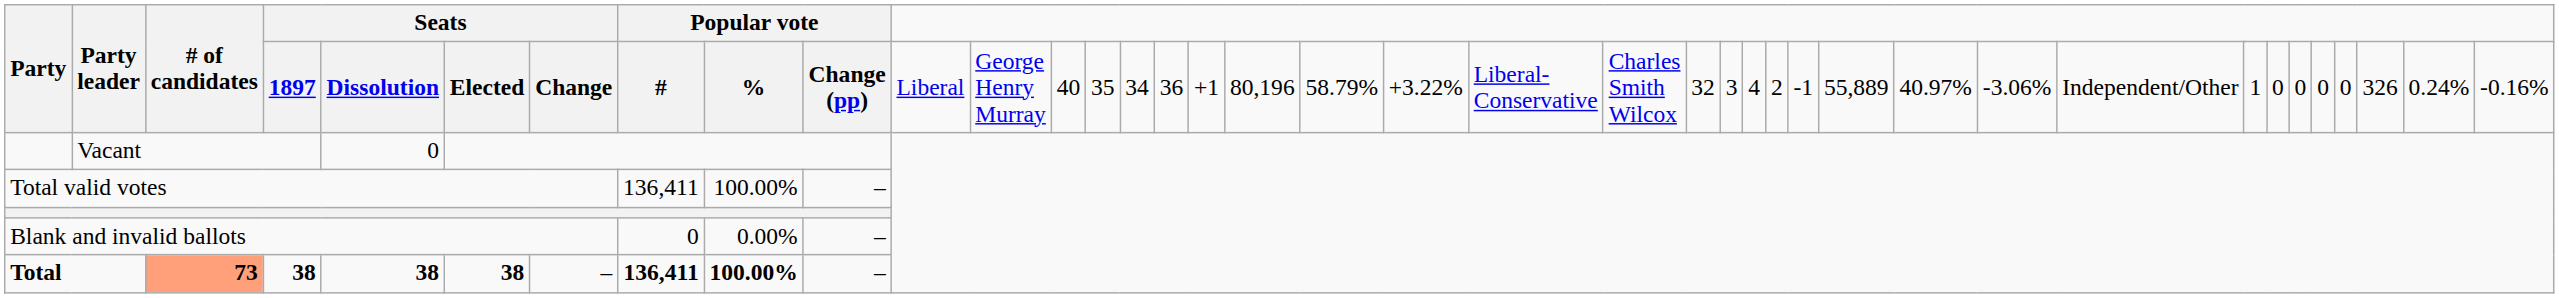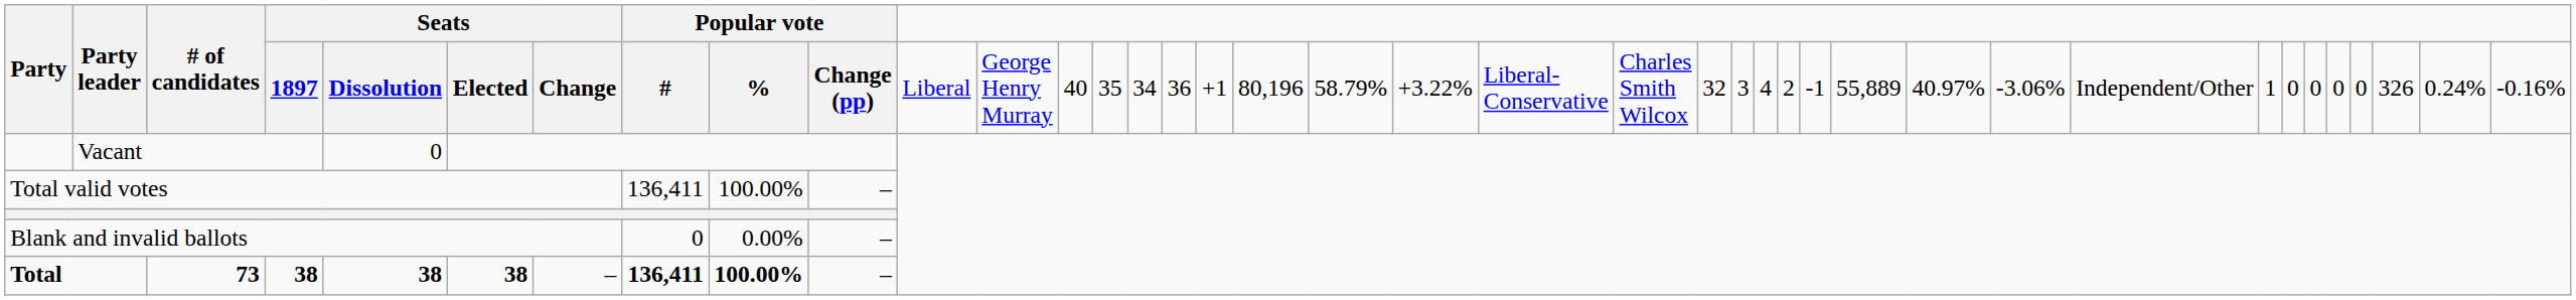 <table class="wikitable">
 <tr>
 <th rowspan="2" colspan="2">Party</th>
 <th rowspan="2">Party leader</th>
 <th rowspan="2"># of<br>candidates</th>
 <th colspan="4">Seats</th>
 <th colspan="3">Popular vote</th>
 </tr>
 <tr>
 <th><a href='#'>1897</a></th>
 <th><span><a href='#'>Dissolution</a></span></th>
 <th>Elected</th>
 <th>Change</th>
 <th>#</th>
 <th>%</th>
 <th>Change (<a href='#'>pp</a>)<br></th>
 <td><a href='#'>Liberal</a></td>
 <td><a href='#'>George Henry Murray</a></td>
 <td align="right">40</td>
 <td align="right">35</td>
 <td align="right">34</td>
 <td align="right">36</td>
 <td align="right">+1</td>
 <td align="right">80,196</td>
 <td align="right">58.79%</td>
 <td align="right">+3.22%<br></td>
 <td><a href='#'>Liberal-Conservative</a></td>
 <td><a href='#'>Charles Smith Wilcox</a></td>
 <td align="right">32</td>
 <td align="right">3</td>
 <td align="right">4</td>
 <td align="right">2</td>
 <td align="right">-1</td>
 <td align="right">55,889</td>
 <td align="right">40.97%</td>
 <td align="right">-3.06%<br></td>
 <td colspan=2>Independent/Other</td>
 <td align="right">1</td>
 <td align="right">0</td>
 <td align="right">0</td>
 <td align="right">0</td>
 <td align="right">0</td>
 <td align="right">326</td>
 <td align="right">0.24%</td>
 <td align="right">-0.16%</td>
 </tr>
 <tr>
 <td> </td>
 <td colspan=4>Vacant</td>
 <td align="right">0</td>
 <td colspan=5> </td>
 </tr>
 <tr>
 <td colspan="8">Total valid votes</td>
 <td align="right">136,411</td>
 <td align="right">100.00%</td>
 <td align="right">–</td>
 </tr>
 <tr>
 <th colspan="11"></th>
 </tr>
 <tr>
 <td colspan="8">Blank and invalid ballots</td>
 <td align="right">0</td>
 <td align="right">0.00%</td>
 <td align="right">–</td>
 </tr>
 <tr>
 <td colspan=3><strong>Total</strong></td>
-<td align="right" style="background: lightsalmon;"><strong>73</strong></td>
+<td align="right"><strong>73</strong></td>
 <td align="right"><strong>38</strong></td>
 <td align="right"><strong>38</strong></td>
 <td align="right"><strong>38</strong></td>
 <td align="right">–</td>
 <td align="right"><strong>136,411</strong></td>
 <td align="right"><strong>100.00%</strong></td>
 <td align="right">–</td>
 </tr>
 </table>
